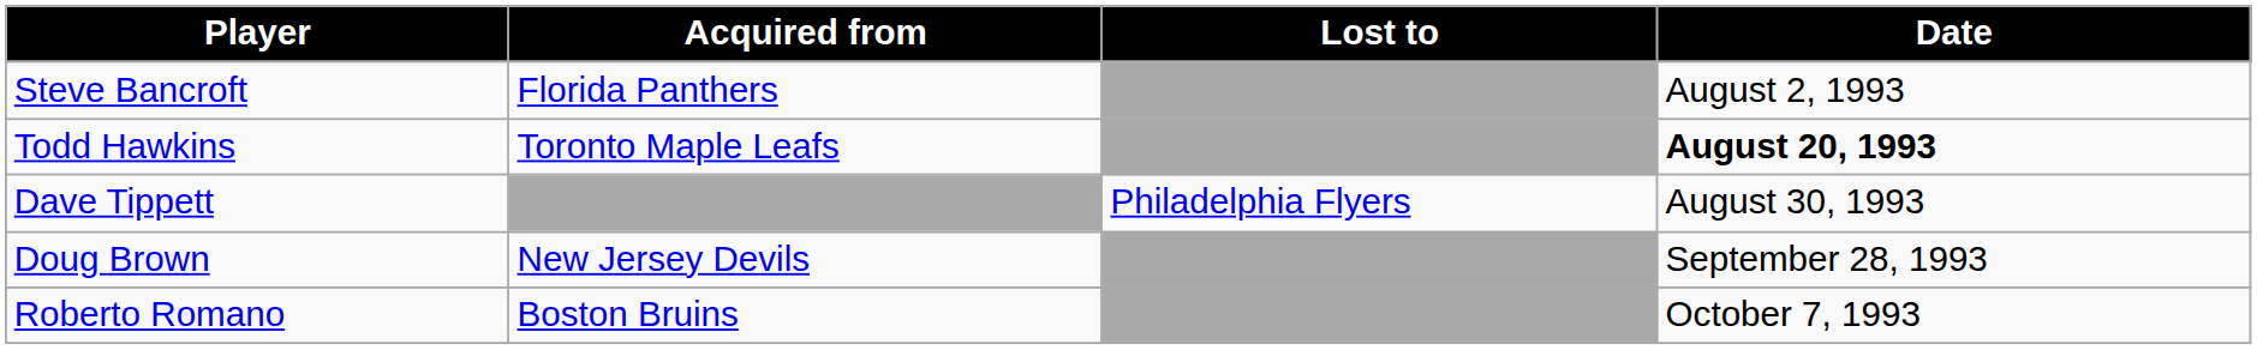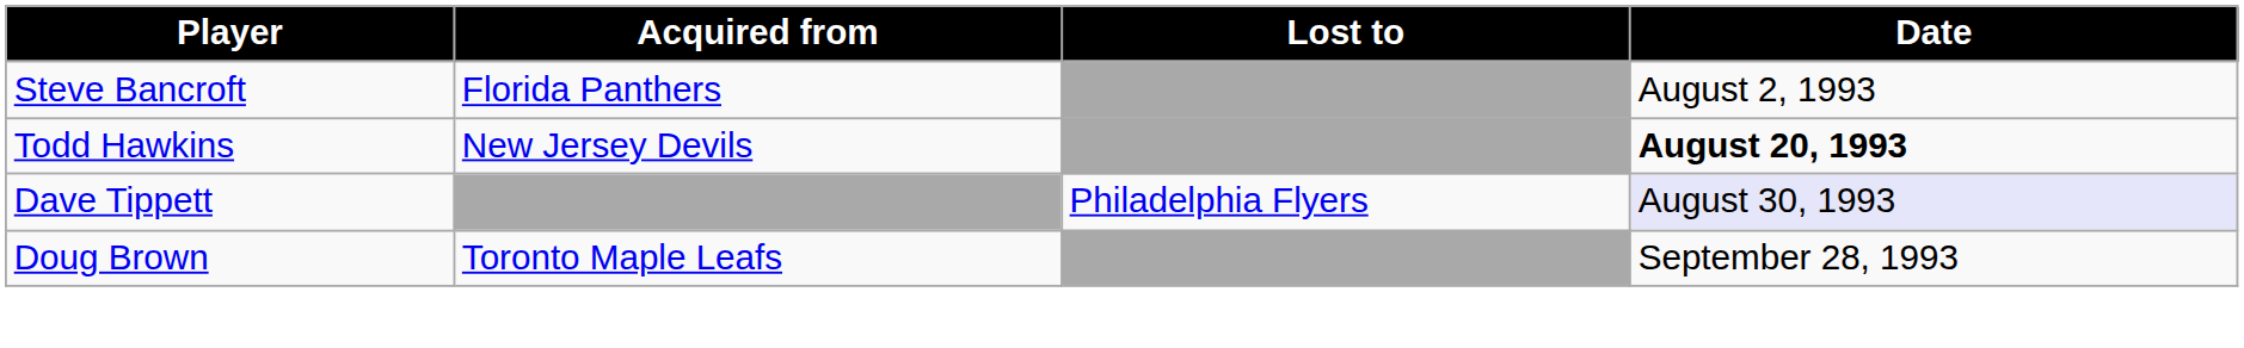 <table class="wikitable" style="width:80%;">
 <tr style="text-align:center; background:#ddd;">
 <th style="color:white; background:#000000; ">Player</th>
 <th style="color:white; background:#000000; ">Acquired from</th>
 <th style="color:white; background:#000000; ">Lost to</th>
 <th style="color:white; background:#000000; ">Date</th>
 </tr>
 <tr>
 <td><a href='#'>Steve Bancroft</a></td>
 <td><a href='#'>Florida Panthers</a></td>
 <td style="background:darkgrey;"></td>
 <td>August 2, 1993</td>
 </tr>
 <tr>
 <td><a href='#'>Todd Hawkins</a></td>
-<td><a href='#'>Toronto Maple Leafs</a></td>
+<td><a href='#'>New Jersey Devils</a></td>
 <td style="background:darkgrey;"></td>
 <td><strong>August 20, 1993</strong></td>
 </tr>
 <tr>
 <td><a href='#'>Dave Tippett</a></td>
 <td style="background:darkgrey;"></td>
 <td><a href='#'>Philadelphia Flyers</a></td>
-<td>August 30, 1993</td>
+<td style="background: lavender;">August 30, 1993</td>
 </tr>
 <tr>
 <td><a href='#'>Doug Brown</a></td>
-<td><a href='#'>New Jersey Devils</a></td>
+<td><a href='#'>Toronto Maple Leafs</a></td>
 <td style="background:darkgrey;"></td>
 <td>September 28, 1993</td>
 </tr>
-<tr>
-<td><a href='#'>Roberto Romano</a></td>
-<td><a href='#'>Boston Bruins</a></td>
-<td style="background:darkgrey;"></td>
-<td>October 7, 1993</td>
-</tr>
 </table>
